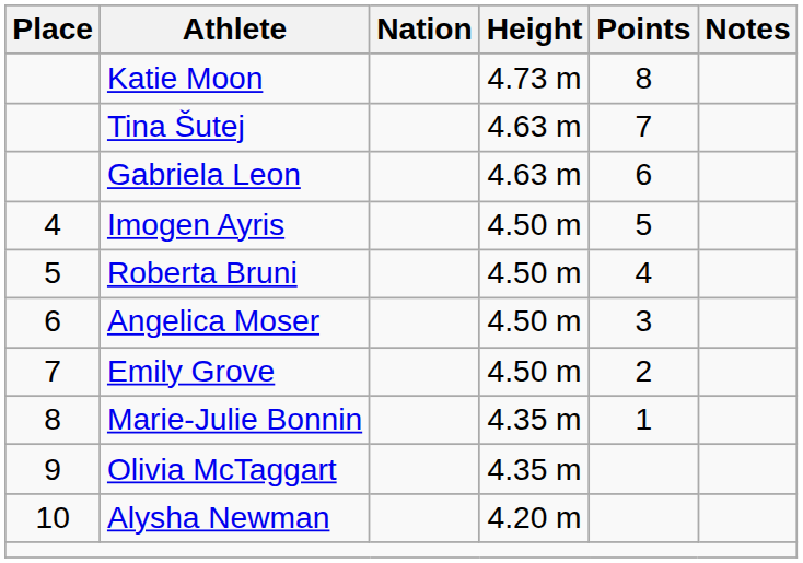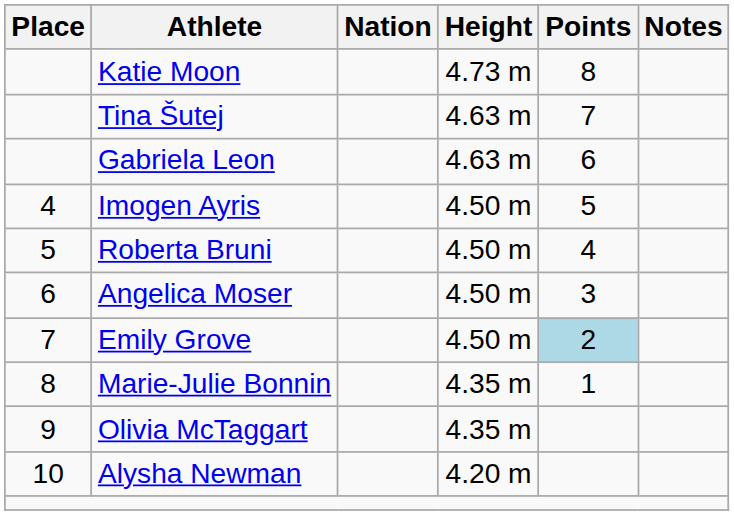 <table class="wikitable mw-datatable sortable" style="text-align:center;">
 <tr>
 <th scope="col">Place</th>
 <th scope="col">Athlete</th>
 <th scope="col">Nation</th>
 <th scope="col">Height</th>
 <th scope="col">Points</th>
 <th scope="col">Notes</th>
 </tr>
 <tr>
 <td></td>
 <td align="left"><a href='#'>Katie Moon</a></td>
 <td align="left"></td>
 <td>4.73 m</td>
 <td>8</td>
 <td></td>
 </tr>
 <tr>
 <td></td>
 <td align="left"><a href='#'>Tina Šutej</a></td>
 <td align="left"></td>
 <td>4.63 m</td>
 <td>7</td>
 <td></td>
 </tr>
 <tr>
 <td></td>
 <td align="left"><a href='#'>Gabriela Leon</a></td>
 <td align="left"></td>
 <td>4.63 m</td>
 <td>6</td>
 <td></td>
 </tr>
 <tr>
 <td>4</td>
 <td align="left"><a href='#'>Imogen Ayris</a></td>
 <td align="left"></td>
 <td>4.50 m</td>
 <td>5</td>
 <td></td>
 </tr>
 <tr>
 <td>5</td>
 <td align="left"><a href='#'>Roberta Bruni</a></td>
 <td align="left"></td>
 <td>4.50 m</td>
 <td>4</td>
 <td></td>
 </tr>
 <tr>
 <td>6</td>
 <td align="left"><a href='#'>Angelica Moser</a></td>
 <td align="left"></td>
 <td>4.50 m</td>
 <td>3</td>
 <td></td>
 </tr>
 <tr>
 <td>7</td>
 <td align="left"><a href='#'>Emily Grove</a></td>
 <td align="left"></td>
 <td>4.50 m</td>
-<td>2</td>
+<td style="background: lightblue;">2</td>
 <td></td>
 </tr>
 <tr>
 <td>8</td>
 <td align="left"><a href='#'>Marie-Julie Bonnin</a></td>
 <td align="left"></td>
 <td>4.35 m</td>
 <td>1</td>
 <td></td>
 </tr>
 <tr>
 <td>9</td>
 <td align="left"><a href='#'>Olivia McTaggart</a></td>
 <td align="left"></td>
 <td>4.35 m</td>
 <td></td>
 <td></td>
 </tr>
 <tr>
 <td>10</td>
 <td align="left"><a href='#'>Alysha Newman</a></td>
 <td align="left"></td>
 <td>4.20 m</td>
 <td></td>
 <td></td>
 </tr>
 <tr class="sortbottom">
 <td colspan="6"></td>
 </tr>
 </table>
